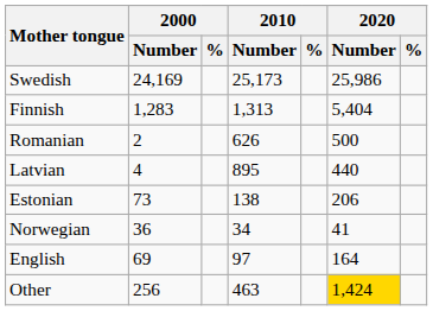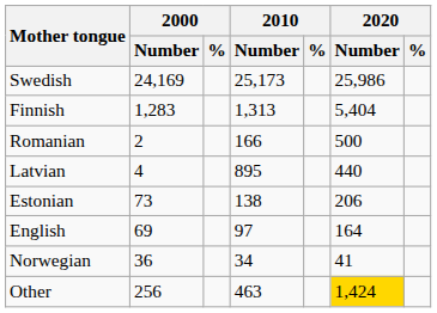 <table class="wikitable sortable collapsible left" style="font-size: 90%;">
 <tr>
 <th rowspan="3">Mother tongue</th>
 </tr>
 <tr>
 <th colspan="2">2000</th>
 <th colspan="2">2010</th>
 <th colspan="2">2020</th>
 </tr>
 <tr>
 <th>Number</th>
 <th>%</th>
 <th>Number</th>
 <th>%</th>
 <th>Number</th>
 <th>%</th>
 </tr>
 <tr>
 <td>Swedish</td>
 <td>24,169</td>
 <td></td>
 <td>25,173</td>
 <td></td>
 <td>25,986</td>
 <td></td>
 </tr>
 <tr>
 <td>Finnish</td>
 <td>1,283</td>
 <td></td>
 <td>1,313</td>
 <td></td>
 <td>5,404</td>
 <td></td>
 </tr>
 <tr>
 <td>Romanian</td>
 <td>2</td>
 <td></td>
-<td>626</td>
+<td>166</td>
 <td></td>
 <td>500</td>
 <td></td>
 </tr>
 <tr>
 <td>Latvian</td>
 <td>4</td>
 <td></td>
 <td>895</td>
 <td></td>
 <td>440</td>
 <td></td>
 </tr>
 <tr>
 <td>Estonian</td>
 <td>73</td>
 <td></td>
 <td>138</td>
 <td></td>
 <td>206</td>
 <td></td>
 </tr>
 <tr>
+<td>English</td>
+<td>69</td>
+<td></td>
+<td>97</td>
+<td></td>
+<td>164</td>
+<td></td>
+</tr>
+<tr>
 <td>Norwegian</td>
 <td>36</td>
 <td></td>
 <td>34</td>
 <td></td>
 <td>41</td>
-<td></td>
-</tr>
-<tr>
-<td>English</td>
-<td>69</td>
-<td></td>
-<td>97</td>
-<td></td>
-<td>164</td>
 <td></td>
 </tr>
 <tr>
 <td>Other</td>
 <td>256</td>
 <td></td>
 <td>463</td>
 <td></td>
 <td style="background: gold;">1,424</td>
 <td></td>
 </tr>
 </table>
